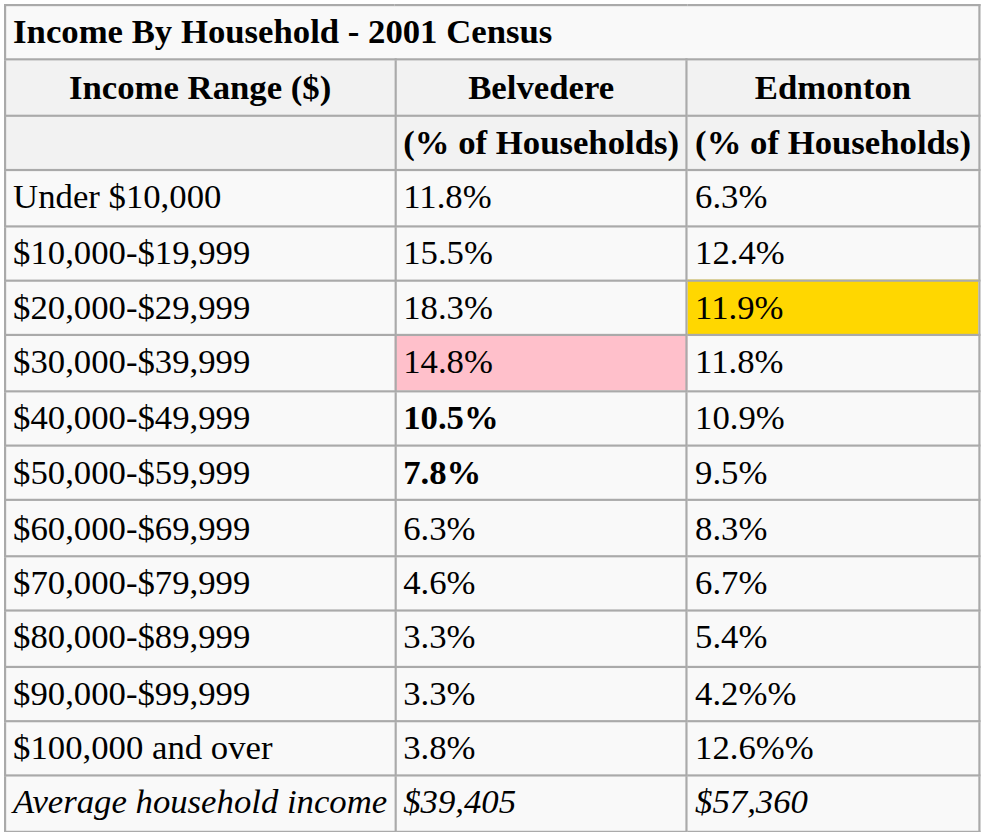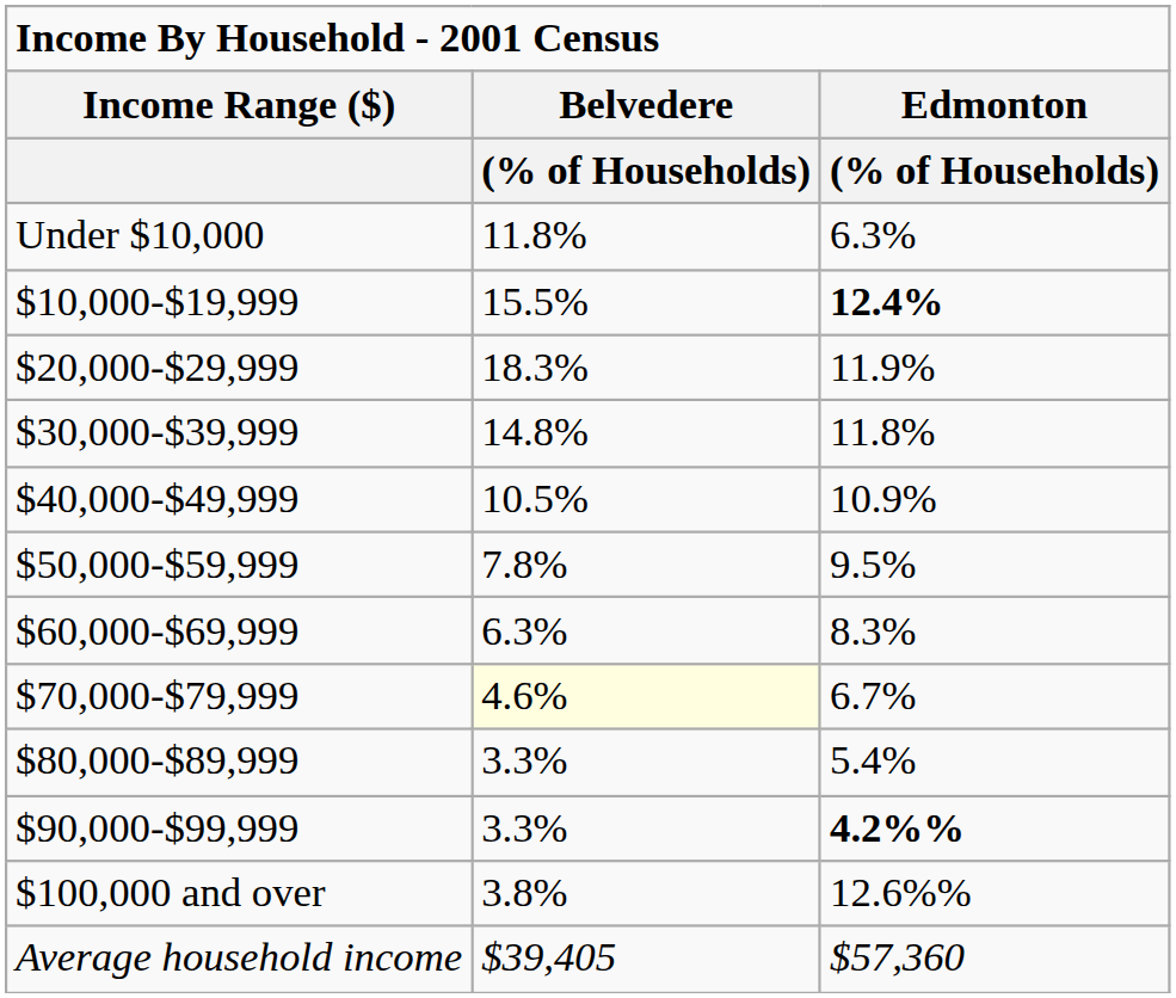 <table class="wikitable">
 <tr>
 <td colspan="3"><strong>Income By Household - 2001 Census</strong></td>
 </tr>
 <tr>
 <th>Income Range ($)</th>
 <th>Belvedere</th>
 <th>Edmonton</th>
 </tr>
 <tr>
 <th></th>
 <th>(% of Households)</th>
 <th>(% of Households)</th>
 </tr>
 <tr>
 <td>Under $10,000</td>
 <td>11.8%</td>
 <td>6.3%</td>
 </tr>
 <tr>
 <td>$10,000-$19,999</td>
 <td>15.5%</td>
-<td>12.4%</td>
+<td><strong>12.4%</strong></td>
 </tr>
 <tr>
 <td>$20,000-$29,999</td>
 <td>18.3%</td>
-<td style="background: gold;">11.9%</td>
+<td>11.9%</td>
 </tr>
 <tr>
 <td>$30,000-$39,999</td>
-<td style="background: pink;">14.8%</td>
+<td>14.8%</td>
 <td>11.8%</td>
 </tr>
 <tr>
 <td>$40,000-$49,999</td>
-<td><strong>10.5%</strong></td>
+<td>10.5%</td>
 <td>10.9%</td>
 </tr>
 <tr>
 <td>$50,000-$59,999</td>
-<td><strong>7.8%</strong></td>
+<td>7.8%</td>
 <td>9.5%</td>
 </tr>
 <tr>
 <td>$60,000-$69,999</td>
 <td>6.3%</td>
 <td>8.3%</td>
 </tr>
 <tr>
 <td>$70,000-$79,999</td>
-<td>4.6%</td>
+<td style="background: lightyellow;">4.6%</td>
 <td>6.7%</td>
 </tr>
 <tr>
 <td>$80,000-$89,999</td>
 <td>3.3%</td>
 <td>5.4%</td>
 </tr>
 <tr>
 <td>$90,000-$99,999</td>
 <td>3.3%</td>
-<td>4.2%%</td>
+<td><strong>4.2%%</strong></td>
 </tr>
 <tr>
 <td>$100,000 and over</td>
 <td>3.8%</td>
 <td>12.6%%</td>
 </tr>
 <tr>
 <td><em>Average household income</em></td>
 <td><em>$39,405</em></td>
 <td><em>$57,360</em></td>
 </tr>
 </table>
